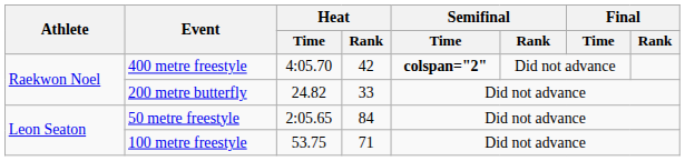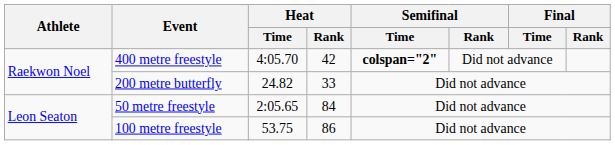 <table class="wikitable" style="text-align:center; font-size:90%; width:50%;">
 <tr>
 <th rowspan="2">Athlete</th>
 <th rowspan="2">Event</th>
 <th colspan="2">Heat</th>
 <th colspan="2">Semifinal</th>
 <th colspan="2">Final</th>
 </tr>
 <tr style="font-size:95%">
 <th>Time</th>
 <th>Rank</th>
 <th>Time</th>
 <th>Rank</th>
 <th>Time</th>
 <th>Rank</th>
 </tr>
 <tr>
 <td align=left rowspan=2><a href='#'>Raekwon Noel</a></td>
 <td align=left><a href='#'>400 metre freestyle</a></td>
 <td>4:05.70</td>
 <td>42</td>
 <td><strong>colspan="2" </strong></td>
 <td colspan="2">Did not advance</td>
 </tr>
 <tr>
 <td align=left><a href='#'>200 metre butterfly</a></td>
 <td>24.82</td>
 <td>33</td>
 <td colspan=4>Did not advance</td>
 </tr>
 <tr>
 <td align=left rowspan=2><a href='#'>Leon Seaton</a></td>
 <td align=left><a href='#'>50 metre freestyle</a></td>
 <td>2:05.65</td>
 <td>84</td>
 <td colspan=4>Did not advance</td>
 </tr>
 <tr>
 <td align=left><a href='#'>100 metre freestyle</a></td>
 <td>53.75</td>
-<td>71</td>
+<td>86</td>
 <td colspan=4>Did not advance</td>
 </tr>
 </table>
